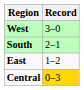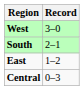 <table class="wikitable">
 <tr>
 <th>Region</th>
 <th>Record</th>
 </tr>
 <tr bgcolor=#bbffbb>
 <td><strong>West</strong></td>
 <td>3–0</td>
 </tr>
 <tr bgcolor=#bbffbb>
 <td><strong>South</strong></td>
 <td>2–1</td>
 </tr>
 <tr>
 <td><strong>East</strong></td>
 <td>1–2</td>
 </tr>
 <tr>
 <td><strong>Central</strong></td>
-<td style="background: gold;">0–3</td>
+<td>0–3</td>
 </tr>
 </table>
